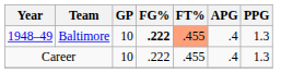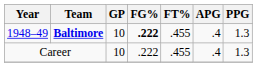 <table class="wikitable sortable" style="font-size:95%; text-align:right;">
 <tr>
 <th>Year</th>
 <th>Team</th>
 <th>GP</th>
 <th>FG%</th>
 <th>FT%</th>
 <th>APG</th>
 <th>PPG</th>
 </tr>
 <tr>
 <td style="text-align:left;"><a href='#'>1948–49</a></td>
-<td style="text-align:left;"><a href='#'>Baltimore</a></td>
+<td style="text-align:left;"><strong><a href='#'>Baltimore</a></strong></td>
 <td>10</td>
 <td><strong>.222</strong></td>
-<td style="background: lightsalmon;">.455</td>
+<td>.455</td>
 <td>.4</td>
 <td>1.3</td>
 </tr>
 <tr>
 <td style="text-align:center;" colspan="2">Career</td>
 <td>10</td>
 <td>.222</td>
 <td>.455</td>
 <td>.4</td>
 <td>1.3</td>
 </tr>
 <tr>
 </tr>
 </table>
